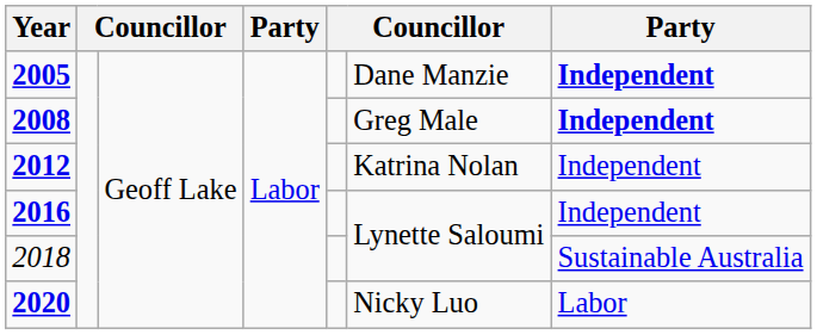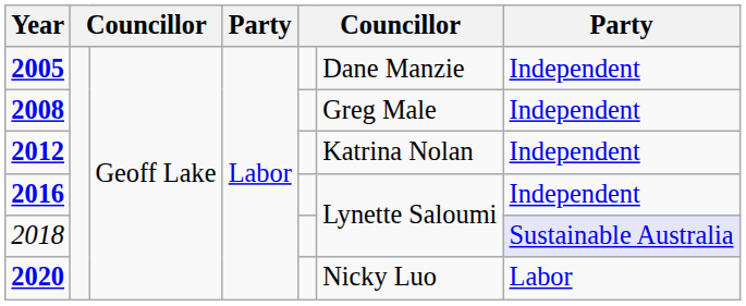 <table class="wikitable">
 <tr>
 <th>Year</th>
 <th colspan="2">Councillor</th>
 <th>Party</th>
 <th colspan="2">Councillor</th>
 <th>Party</th>
 </tr>
 <tr>
 <td><strong><a href='#'>2005</a></strong></td>
 <td rowspan="6" width="1px" > </td>
 <td rowspan="6">Geoff Lake</td>
 <td rowspan="6"><a href='#'>Labor</a></td>
 <td rowspan="1" width="1px" > </td>
 <td rowspan="1">Dane Manzie</td>
-<td rowspan="1"><strong><a href='#'>Independent</a></strong></td>
+<td rowspan="1"><a href='#'>Independent</a></td>
 </tr>
 <tr>
 <td><strong><a href='#'>2008</a></strong></td>
 <td rowspan="1" width="1px" > </td>
 <td rowspan="1">Greg Male</td>
-<td rowspan="1"><strong><a href='#'>Independent</a></strong></td>
+<td rowspan="1"><a href='#'>Independent</a></td>
 </tr>
 <tr>
 <td><strong><a href='#'>2012</a></strong></td>
 <td rowspan="1" width="1px" > </td>
 <td rowspan="1">Katrina Nolan</td>
 <td rowspan="1"><a href='#'>Independent</a></td>
 </tr>
 <tr>
 <td><strong><a href='#'>2016</a></strong></td>
 <td rowspan="1" width="1px" > </td>
 <td rowspan="2">Lynette Saloumi</td>
 <td rowspan="1"><a href='#'>Independent</a></td>
 </tr>
 <tr>
 <td><em>2018</em></td>
 <td rowspan="1" width="1px" > </td>
-<td rowspan="1"><a href='#'>Sustainable Australia</a></td>
+<td rowspan="1" style="background: lavender;"><a href='#'>Sustainable Australia</a></td>
 </tr>
 <tr>
 <td><strong><a href='#'>2020</a></strong></td>
 <td rowspan="1" width="1px" > </td>
 <td rowspan="2">Nicky Luo</td>
 <td rowspan="1"><a href='#'>Labor</a></td>
 </tr>
 </table>
